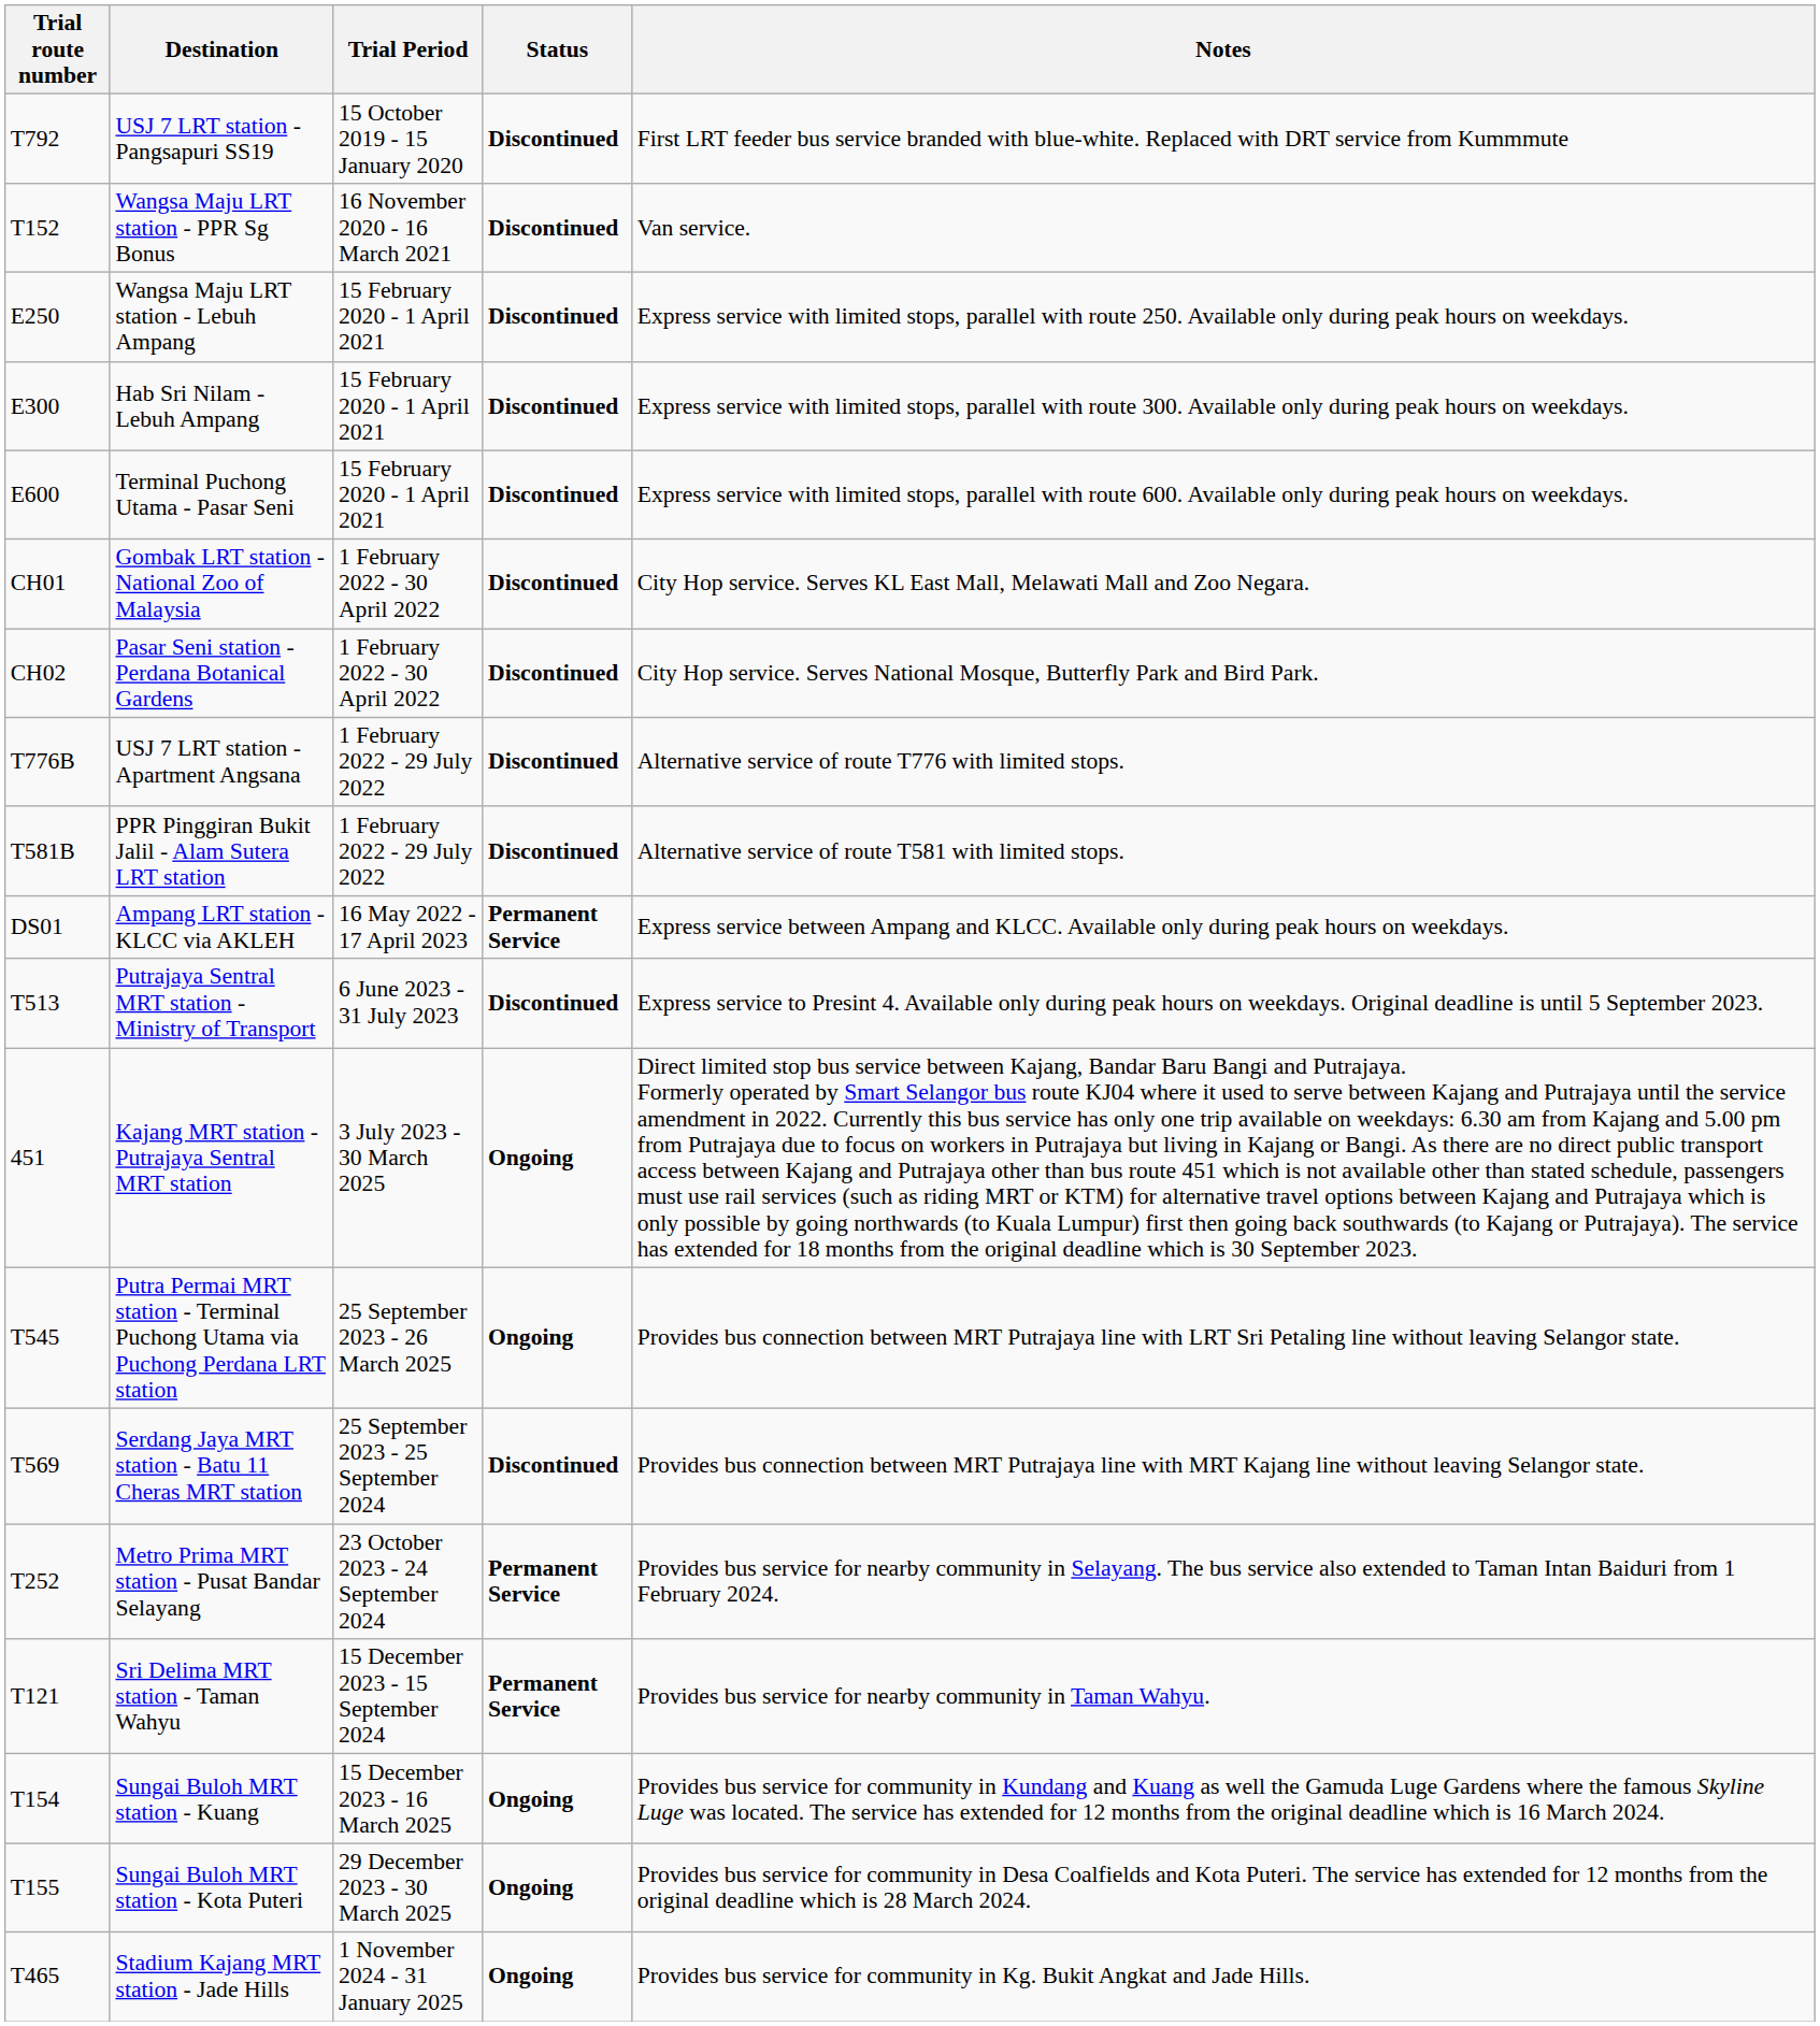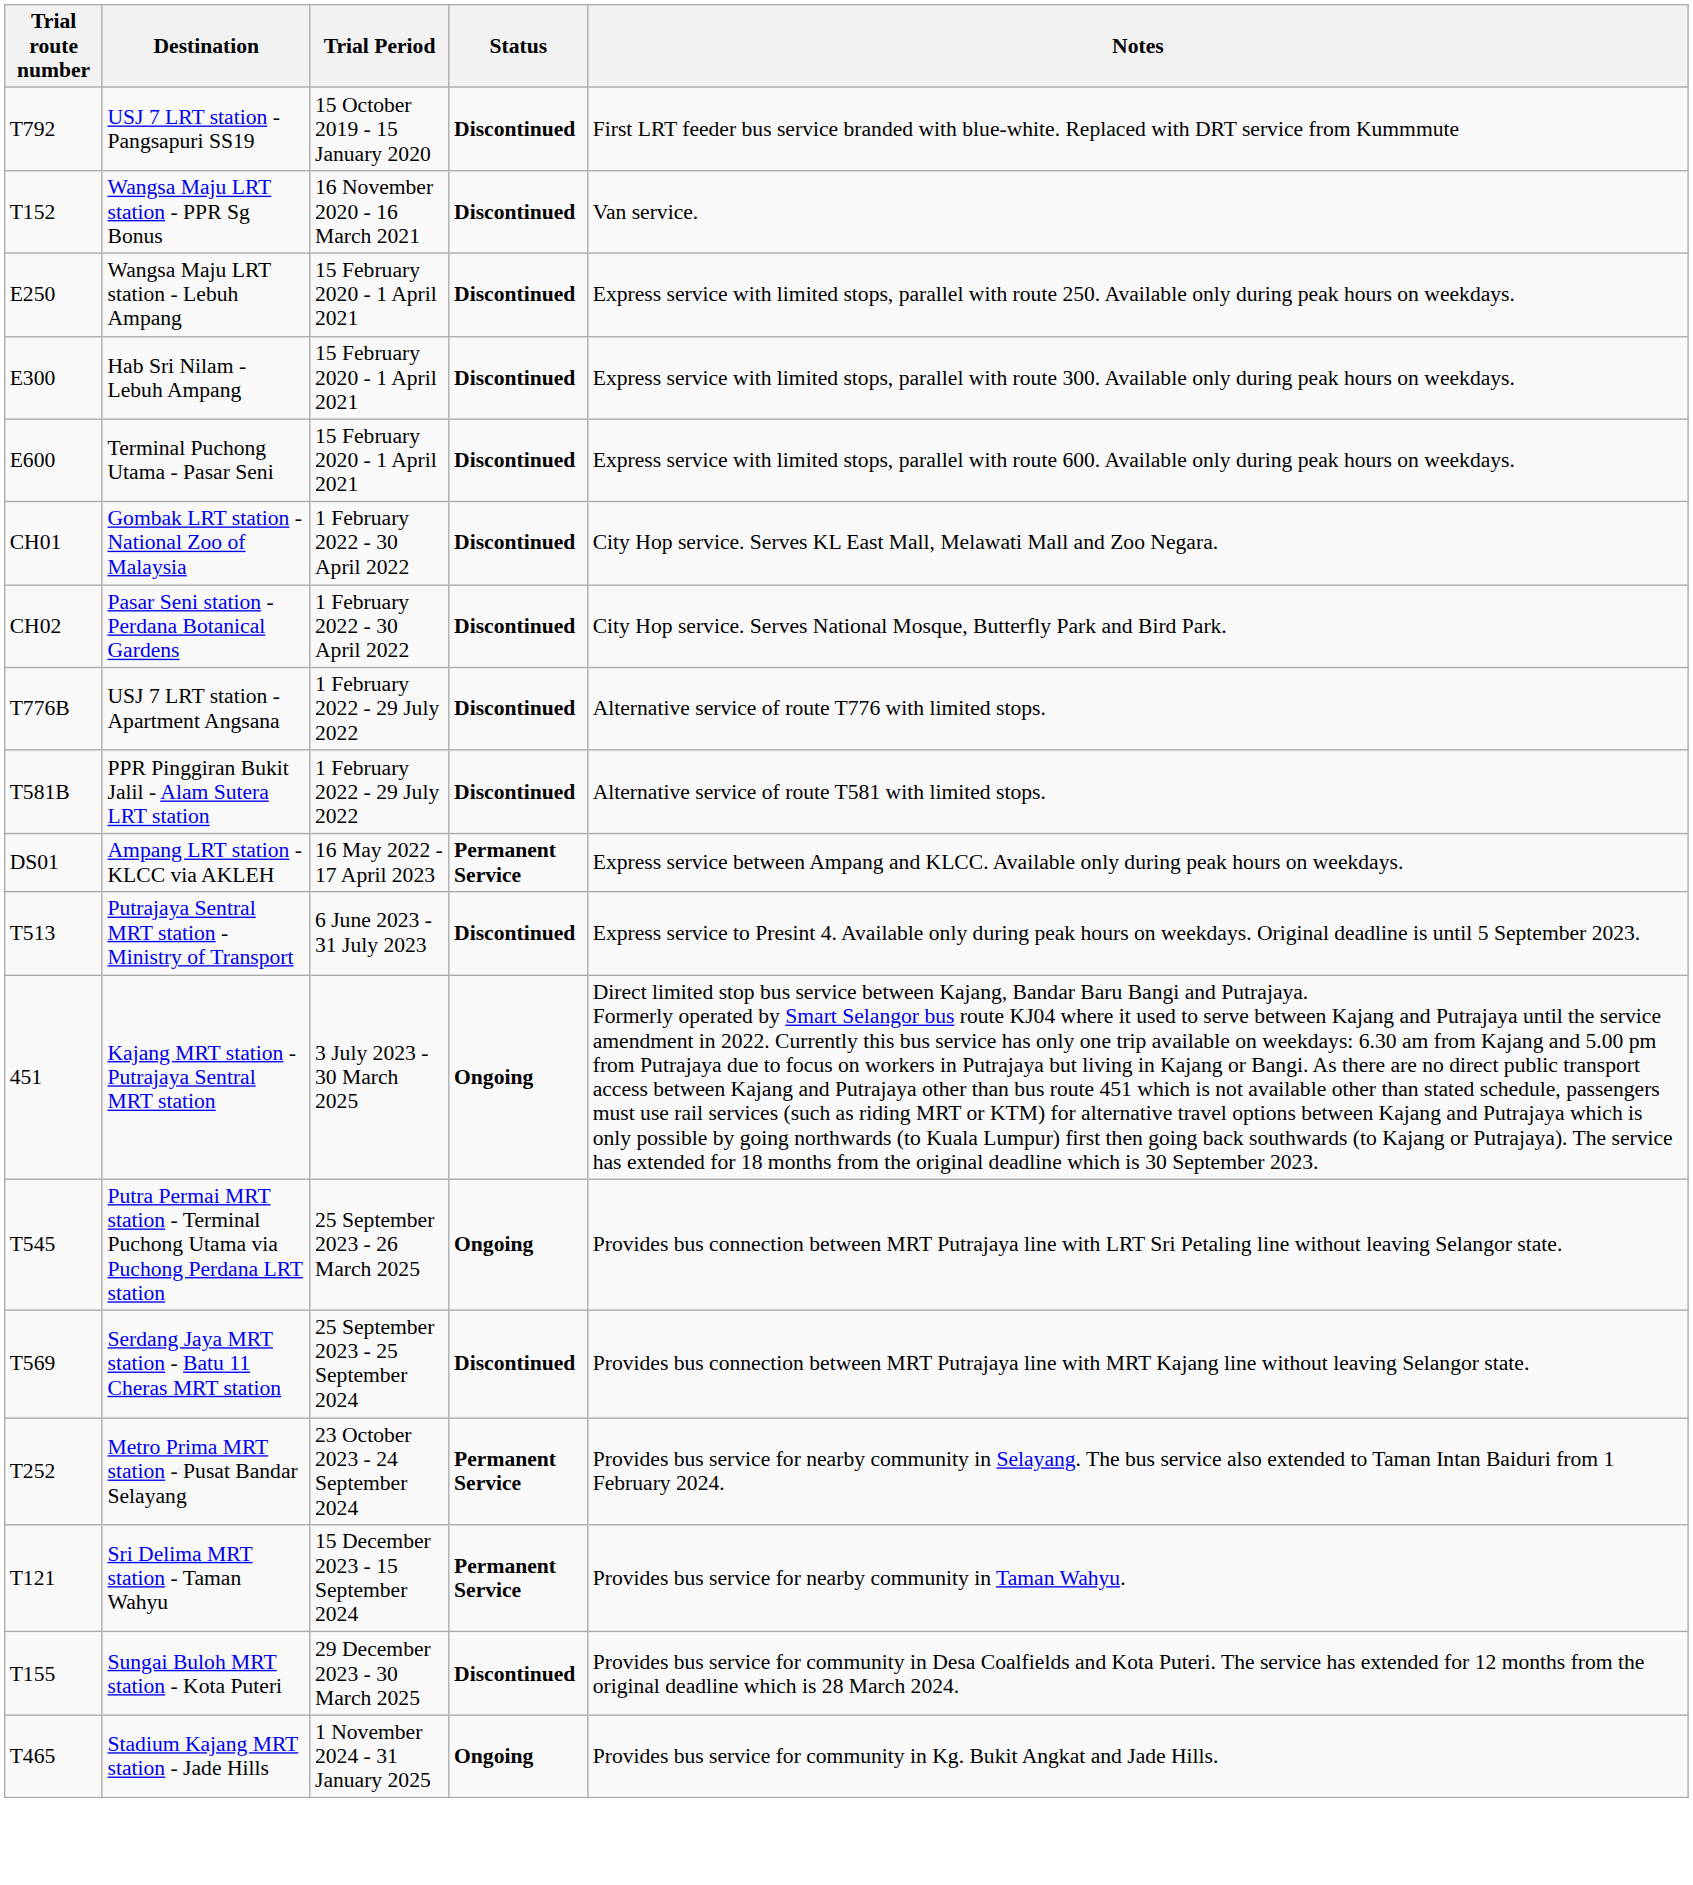 <table class="wikitable mw-collapsible">
 <tr>
 <th>Trial route number</th>
 <th>Destination</th>
 <th>Trial Period</th>
 <th>Status</th>
 <th>Notes</th>
 </tr>
 <tr>
 <td>T792</td>
 <td><a href='#'>USJ 7 LRT station</a> - Pangsapuri SS19</td>
 <td>15 October 2019 - 15 January 2020</td>
 <td><span><strong>Discontinued</strong></span></td>
 <td>First LRT feeder bus service branded with blue-white. Replaced with DRT service from Kummmute</td>
 </tr>
 <tr>
 <td>T152</td>
 <td><a href='#'>Wangsa Maju LRT station</a> - PPR Sg Bonus</td>
 <td>16 November 2020 - 16 March 2021</td>
 <td><span><strong>Discontinued</strong></span></td>
 <td>Van service.</td>
 </tr>
 <tr>
 <td>E250</td>
 <td>Wangsa Maju LRT station - Lebuh Ampang</td>
 <td>15 February 2020 - 1 April 2021</td>
 <td><span><strong>Discontinued</strong></span></td>
 <td>Express service with limited stops, parallel with route 250. Available only during peak hours on weekdays.</td>
 </tr>
 <tr>
 <td>E300</td>
 <td>Hab Sri Nilam - Lebuh Ampang</td>
 <td>15 February 2020 - 1 April 2021</td>
 <td><span><strong>Discontinued</strong></span></td>
 <td>Express service with limited stops, parallel with route 300. Available only during peak hours on weekdays.</td>
 </tr>
 <tr>
 <td>E600</td>
 <td>Terminal Puchong Utama - Pasar Seni</td>
 <td>15 February 2020 - 1 April 2021</td>
 <td><span><strong>Discontinued</strong></span></td>
 <td>Express service with limited stops, parallel with route 600. Available only during peak hours on weekdays.</td>
 </tr>
 <tr>
 <td>CH01</td>
 <td><a href='#'>Gombak LRT station</a> - <a href='#'>National Zoo of Malaysia</a></td>
 <td>1 February 2022 - 30 April 2022</td>
 <td><span><strong>Discontinued</strong></span></td>
 <td>City Hop service. Serves KL East Mall, Melawati Mall and Zoo Negara.</td>
 </tr>
 <tr>
 <td>CH02</td>
 <td><a href='#'>Pasar Seni station</a> - <a href='#'>Perdana Botanical Gardens</a></td>
 <td>1 February 2022 - 30 April 2022</td>
 <td><span><strong>Discontinued</strong></span></td>
 <td>City Hop service. Serves National Mosque, Butterfly Park and Bird Park.</td>
 </tr>
 <tr>
 <td>T776B</td>
 <td>USJ 7 LRT station - Apartment Angsana</td>
 <td>1 February 2022 - 29 July 2022</td>
 <td><span><strong>Discontinued</strong></span></td>
 <td>Alternative service of route T776 with limited stops.</td>
 </tr>
 <tr>
 <td>T581B</td>
 <td>PPR Pinggiran Bukit Jalil - <a href='#'>Alam Sutera LRT station</a></td>
 <td>1 February 2022 - 29 July 2022</td>
 <td><span><strong>Discontinued</strong></span></td>
 <td>Alternative service of route T581 with limited stops.</td>
 </tr>
 <tr>
 <td>DS01</td>
 <td><a href='#'>Ampang LRT station</a> - KLCC via AKLEH</td>
 <td>16 May 2022 - 17 April 2023</td>
 <td><span><strong>Permanent Service</strong></span></td>
 <td>Express service between Ampang and KLCC. Available only during peak hours on weekdays.</td>
 </tr>
 <tr>
 <td>T513</td>
 <td><a href='#'>Putrajaya Sentral MRT station</a> - <a href='#'>Ministry of Transport</a></td>
 <td>6 June 2023 - 31 July 2023</td>
 <td><span><strong>Discontinued</strong></span></td>
 <td>Express service to Presint 4. Available only during peak hours on weekdays. Original deadline is until 5 September 2023.</td>
 </tr>
 <tr>
 <td>451</td>
 <td><a href='#'>Kajang MRT station</a> - <a href='#'>Putrajaya Sentral MRT station</a></td>
 <td>3 July 2023 - 30 March 2025</td>
 <td><span><strong>Ongoing</strong></span></td>
 <td>Direct limited stop bus service between Kajang, Bandar Baru Bangi and Putrajaya.<br>Formerly operated by <a href='#'>Smart Selangor bus</a> route KJ04 where it used to serve between Kajang and Putrajaya until the service amendment in 2022.  Currently this bus service has only one trip available on weekdays: 6.30 am from Kajang and 5.00 pm from Putrajaya due to focus on workers in Putrajaya but living in Kajang or Bangi.  As there are no direct public transport access between Kajang and Putrajaya other than bus route 451 which is not available other than stated schedule, passengers must use rail services (such as riding MRT or KTM) for alternative travel options between Kajang and Putrajaya which is only possible by going northwards (to Kuala Lumpur) first then going back southwards (to Kajang or Putrajaya). The service has extended for 18 months from the original deadline which is 30 September 2023.</td>
 </tr>
 <tr>
 <td>T545</td>
 <td><a href='#'>Putra Permai MRT station</a> - Terminal Puchong Utama via <a href='#'>Puchong Perdana LRT station</a></td>
 <td>25 September 2023 - 26 March 2025</td>
 <td><span><strong>Ongoing</strong></span></td>
 <td>Provides bus connection between MRT Putrajaya line with LRT Sri Petaling line without leaving Selangor state.</td>
 </tr>
 <tr>
 <td>T569</td>
 <td><a href='#'>Serdang Jaya MRT station</a> - <a href='#'>Batu 11 Cheras MRT station</a></td>
 <td>25 September 2023 - 25 September 2024</td>
 <td><span><strong>Discontinued</strong></span></td>
 <td>Provides bus connection between MRT Putrajaya line with MRT Kajang line without leaving Selangor state.</td>
 </tr>
 <tr>
 <td>T252</td>
 <td><a href='#'>Metro Prima MRT station</a> - Pusat Bandar Selayang</td>
 <td>23 October 2023 - 24 September 2024</td>
 <td><span><strong>Permanent Service</strong></span></td>
 <td>Provides bus service for nearby community in <a href='#'>Selayang</a>. The bus service also extended to Taman Intan Baiduri from 1 February 2024.</td>
 </tr>
 <tr>
 <td>T121</td>
 <td><a href='#'>Sri Delima MRT station</a> - Taman Wahyu</td>
 <td>15 December 2023 - 15 September 2024</td>
 <td><span><strong>Permanent Service</strong></span></td>
 <td>Provides bus service for nearby community in <a href='#'>Taman Wahyu</a>.</td>
 </tr>
 <tr>
-<td>T154</td>
-<td><a href='#'>Sungai Buloh MRT station</a> - Kuang</td>
-<td>15 December 2023 - 16 March 2025</td>
-<td><span><strong>Ongoing</strong></span></td>
-<td>Provides bus service for community in <a href='#'>Kundang</a> and <a href='#'>Kuang</a> as well the Gamuda Luge Gardens where the famous <em>Skyline Luge</em> was located. The service has extended for 12 months from the original deadline which is 16 March 2024.</td>
-</tr>
-<tr>
 <td>T155</td>
 <td><a href='#'>Sungai Buloh MRT station</a> - Kota Puteri</td>
 <td>29 December 2023 - 30 March 2025</td>
-<td><span><strong>Ongoing</strong></span></td>
+<td><span><strong>Discontinued</strong></span></td>
 <td>Provides bus service for community in Desa Coalfields and Kota Puteri. The service has extended for 12 months from the original deadline which is 28 March 2024.</td>
 </tr>
 <tr>
 <td>T465</td>
 <td><a href='#'>Stadium Kajang MRT station</a> - Jade Hills</td>
 <td>1 November 2024 - 31 January 2025</td>
 <td><span><strong>Ongoing</strong></span></td>
 <td>Provides bus service for community in Kg. Bukit Angkat and Jade Hills.</td>
 </tr>
 </table>
